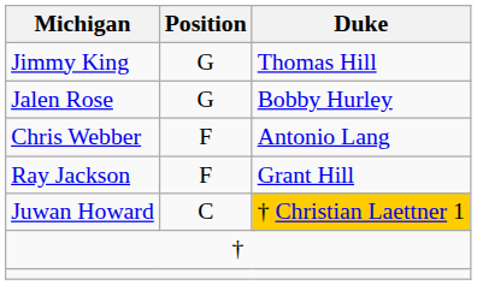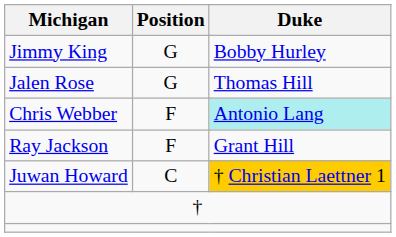 <table class="wikitable">
 <tr>
 <th>Michigan</th>
 <th colspan="2">Position</th>
 <th>Duke</th>
 </tr>
 <tr>
 <td><a href='#'>Jimmy King</a></td>
 <td colspan=2 style="text-align:center">G</td>
-<td><a href='#'>Thomas Hill</a></td>
+<td><a href='#'>Bobby Hurley</a></td>
 </tr>
 <tr>
 <td><a href='#'>Jalen Rose</a></td>
 <td colspan=2 style="text-align:center">G</td>
-<td><a href='#'>Bobby Hurley</a></td>
+<td><a href='#'>Thomas Hill</a></td>
 </tr>
 <tr>
 <td><a href='#'>Chris Webber</a></td>
 <td colspan=2 style="text-align:center">F</td>
-<td><a href='#'>Antonio Lang</a></td>
+<td style="background: paleturquoise;"><a href='#'>Antonio Lang</a></td>
 </tr>
 <tr>
 <td><a href='#'>Ray Jackson</a></td>
 <td colspan=2 style="text-align:center">F</td>
 <td><a href='#'>Grant Hill</a></td>
 </tr>
 <tr>
 <td><a href='#'>Juwan Howard</a></td>
 <td colspan=2 style="text-align:center">C</td>
 <td style="background:#ffcc00">† <a href='#'>Christian Laettner</a> 1</td>
 </tr>
 <tr>
 <td colspan="5" align=center>† </td>
 </tr>
 <tr>
 <td colspan="5" align=center></td>
 </tr>
 </table>
